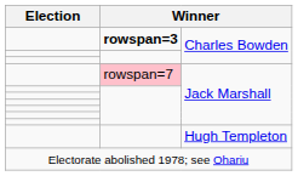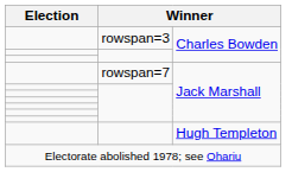 <table class=wikitable>
 <tr>
 <th width=100>Election</th>
 <th width=175 colspan=2>Winner</th>
 </tr>
 <tr>
 <td></td>
-<td><strong>rowspan=3 </strong></td>
+<td>rowspan=3 </td>
 <td rowspan=3><a href='#'>Charles Bowden</a></td>
 </tr>
 <tr>
 <td></td>
 </tr>
 <tr>
 <td></td>
 </tr>
 <tr>
 <td></td>
-<td style="background: pink;">rowspan=7 </td>
+<td>rowspan=7 </td>
 <td rowspan=7><a href='#'>Jack Marshall</a></td>
 </tr>
 <tr>
 <td></td>
 </tr>
 <tr>
 <td></td>
 </tr>
 <tr>
 <td></td>
 </tr>
 <tr>
 <td></td>
 </tr>
 <tr>
 <td></td>
 </tr>
 <tr>
 <td></td>
 </tr>
 <tr>
 <td></td>
 <td></td>
 <td><a href='#'>Hugh Templeton</a></td>
 </tr>
 <tr>
 <td colspan=3 align=center><small>Electorate abolished 1978; see <a href='#'>Ohariu</a></small></td>
 </tr>
 </table>
